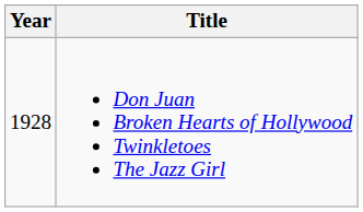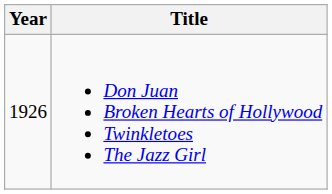 <table class="wikitable sortable">
 <tr>
 <th>Year</th>
 <th>Title</th>
 </tr>
 <tr>
-<td>1928</td>
+<td>1926</td>
 <td><br><ul><li><em><a href='#'>Don Juan</a></em></li><li><em><a href='#'>Broken Hearts of Hollywood</a></em></li><li><em><a href='#'>Twinkletoes</a></em></li><li><em><a href='#'>The Jazz Girl</a></em></li></ul></td>
 </tr>
 </table>
